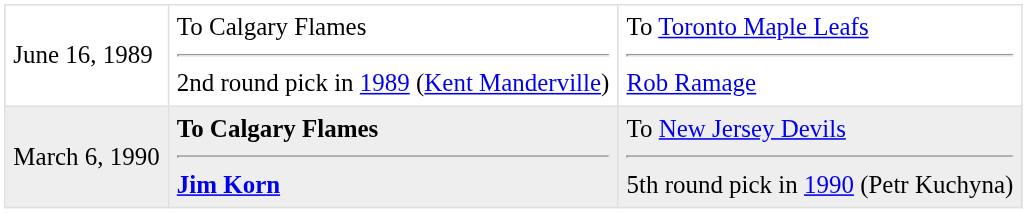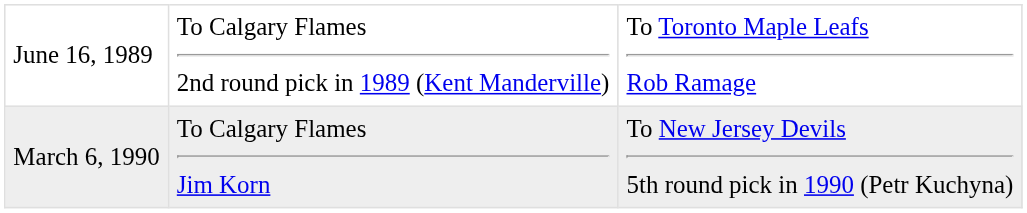 <table border=1 style="border-collapse:collapse" bordercolor="#DFDFDF"  cellpadding="5">
 <tr>
 <td>June 16, 1989</td>
 <td valign="top">To Calgary Flames <hr>2nd round pick in <a href='#'>1989</a> (<a href='#'>Kent Manderville</a>)</td>
 <td valign="top">To <a href='#'>Toronto Maple Leafs</a> <hr><a href='#'>Rob Ramage</a></td>
 </tr>
 <tr bgcolor="#eeeeee">
 <td>March 6, 1990</td>
-<td valign="top"><strong>To Calgary Flames <hr><a href='#'>Jim Korn</a></strong></td>
+<td valign="top">To Calgary Flames <hr><a href='#'>Jim Korn</a></td>
 <td valign="top">To <a href='#'>New Jersey Devils</a> <hr>5th round pick in <a href='#'>1990</a> (Petr Kuchyna)</td>
 </tr>
 </table>
